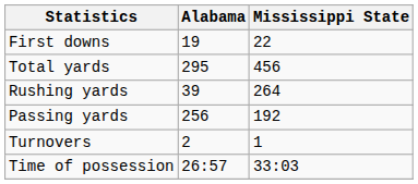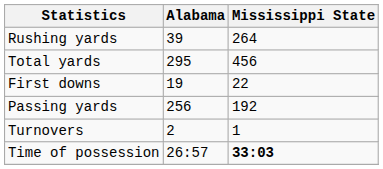 <table class="wikitable" style="float: left;">
 <tr>
 <th>Statistics</th>
 <th>Alabama</th>
 <th>Mississippi State</th>
 </tr>
 <tr>
-<td>First downs</td>
-<td>19</td>
-<td>22</td>
+<td>Rushing yards</td>
+<td>39</td>
+<td>264</td>
 </tr>
 <tr>
 <td>Total yards</td>
 <td>295</td>
 <td>456</td>
 </tr>
 <tr>
-<td>Rushing yards</td>
-<td>39</td>
-<td>264</td>
+<td>First downs</td>
+<td>19</td>
+<td>22</td>
 </tr>
 <tr>
 <td>Passing yards</td>
 <td>256</td>
 <td>192</td>
 </tr>
 <tr>
 <td>Turnovers</td>
 <td>2</td>
 <td>1</td>
 </tr>
 <tr>
 <td>Time of possession</td>
 <td>26:57</td>
-<td>33:03</td>
+<td><strong>33:03</strong></td>
 </tr>
 <tr>
 </tr>
 </table>
